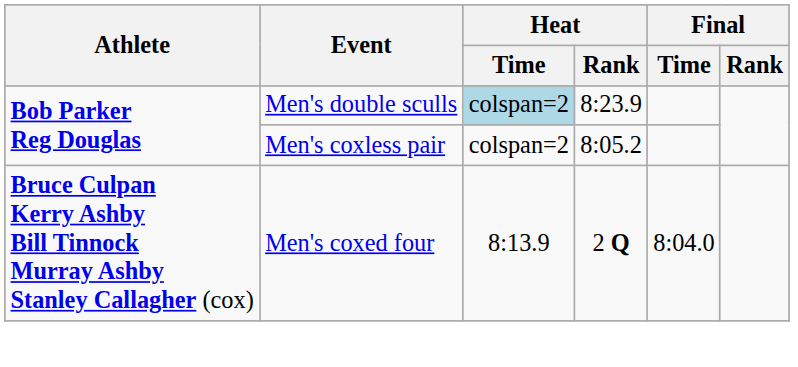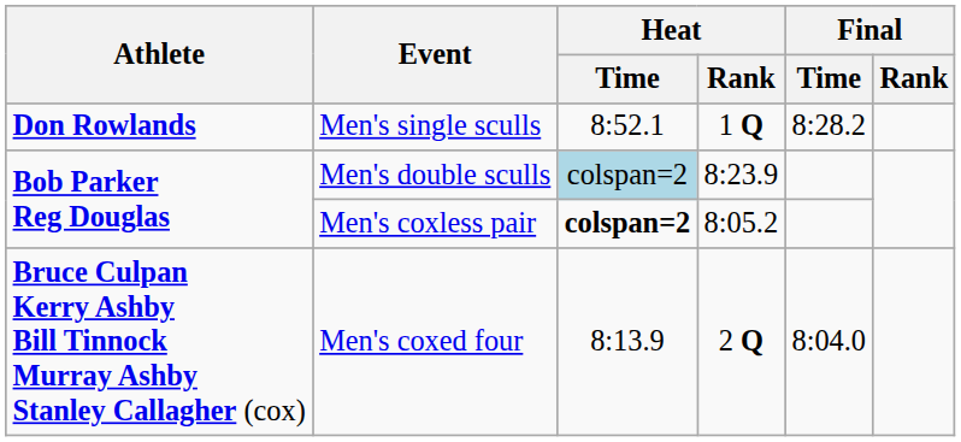 <table class=wikitable style="font-size:90%;text-align:center">
 <tr>
 <th rowspan=2>Athlete</th>
 <th rowspan=2>Event</th>
 <th colspan=2>Heat</th>
 <th colspan=2>Final</th>
 </tr>
 <tr>
 <th>Time</th>
 <th>Rank</th>
 <th>Time</th>
 <th>Rank</th>
 </tr>
 <tr>
+<td style="text-align:left;"><strong><a href='#'>Don Rowlands</a></strong></td>
+<td style="text-align:left;"><a href='#'>Men's single sculls</a></td>
+<td>8:52.1</td>
+<td>1 <strong>Q</strong></td>
+<td>8:28.2</td>
+<td></td>
+</tr>
+<tr>
 <td style="text-align:left;" rowspan=2><strong><a href='#'>Bob Parker</a><br><a href='#'>Reg Douglas</a></strong></td>
 <td style="text-align:left;"><a href='#'>Men's double sculls</a></td>
 <td style="background: lightblue;">colspan=2 </td>
 <td>8:23.9</td>
 <td></td>
 </tr>
 <tr>
 <td style="text-align:left;"><a href='#'>Men's coxless pair</a></td>
-<td>colspan=2 </td>
+<td><strong>colspan=2 </strong></td>
 <td>8:05.2</td>
 <td></td>
 </tr>
 <tr>
 <td style="text-align:left;"><strong><a href='#'>Bruce Culpan</a><br><a href='#'>Kerry Ashby</a><br><a href='#'>Bill Tinnock</a><br><a href='#'>Murray Ashby</a><br><a href='#'>Stanley Callagher</a></strong> (cox)</td>
 <td style="text-align:left;"><a href='#'>Men's coxed four</a></td>
 <td>8:13.9</td>
 <td>2 <strong>Q</strong></td>
 <td>8:04.0</td>
 <td></td>
 </tr>
 </table>
